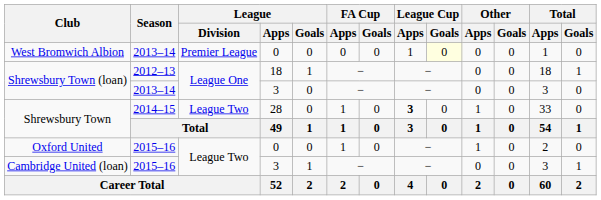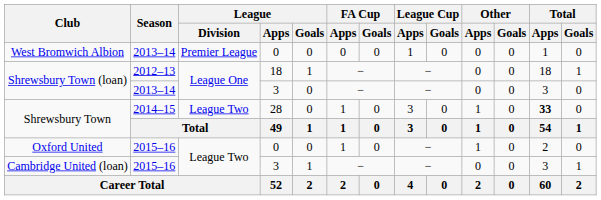 <table class="wikitable" style="text-align: center;">
 <tr>
 <th rowspan="2">Club</th>
 <th rowspan="2">Season</th>
 <th colspan="3">League</th>
 <th colspan="2">FA Cup</th>
 <th colspan="2">League Cup</th>
 <th colspan="2">Other</th>
 <th colspan="2">Total</th>
 </tr>
 <tr>
 <th>Division</th>
 <th>Apps</th>
 <th>Goals</th>
 <th>Apps</th>
 <th>Goals</th>
 <th>Apps</th>
 <th>Goals</th>
 <th>Apps</th>
 <th>Goals</th>
 <th>Apps</th>
 <th>Goals</th>
 </tr>
 <tr>
 <td><a href='#'>West Bromwich Albion</a></td>
 <td><a href='#'>2013–14</a></td>
 <td><a href='#'>Premier League</a></td>
 <td>0</td>
 <td>0</td>
 <td>0</td>
 <td>0</td>
 <td>1</td>
-<td style="background: lightyellow;">0</td>
+<td>0</td>
 <td>0</td>
 <td>0</td>
 <td>1</td>
 <td>0</td>
 </tr>
 <tr>
 <td rowspan="2"><a href='#'>Shrewsbury Town</a> (loan)</td>
 <td><a href='#'>2012–13</a></td>
 <td rowspan="2"><a href='#'>League One</a></td>
 <td>18</td>
 <td>1</td>
 <td colspan="2">−</td>
 <td colspan="2">−</td>
 <td>0</td>
 <td>0</td>
 <td>18</td>
 <td>1</td>
 </tr>
 <tr>
 <td><a href='#'>2013–14</a></td>
 <td>3</td>
 <td>0</td>
 <td colspan="2">−</td>
 <td colspan="2">−</td>
 <td>0</td>
 <td>0</td>
 <td>3</td>
 <td>0</td>
 </tr>
 <tr>
 <td rowspan="2">Shrewsbury Town</td>
 <td><a href='#'>2014–15</a></td>
 <td><a href='#'>League Two</a></td>
 <td>28</td>
 <td>0</td>
 <td>1</td>
 <td>0</td>
-<td><strong>3</strong></td>
+<td>3</td>
 <td>0</td>
 <td>1</td>
 <td>0</td>
-<td>33</td>
+<td><strong>33</strong></td>
 <td>0</td>
 </tr>
 <tr>
 <th colspan="2">Total</th>
 <th>49</th>
 <th>1</th>
 <th>1</th>
 <th>0</th>
 <th>3</th>
 <th>0</th>
 <th>1</th>
 <th>0</th>
 <th>54</th>
 <th>1</th>
 </tr>
 <tr>
 <td><a href='#'>Oxford United</a></td>
 <td><a href='#'>2015–16</a></td>
 <td rowspan="2">League Two</td>
 <td>0</td>
 <td>0</td>
 <td>1</td>
 <td>0</td>
 <td colspan="2">−</td>
 <td>1</td>
 <td>0</td>
 <td>2</td>
 <td>0</td>
 </tr>
 <tr>
 <td><a href='#'>Cambridge United</a> (loan)</td>
 <td><a href='#'>2015–16</a></td>
 <td>3</td>
 <td>1</td>
 <td colspan="2">−</td>
 <td colspan="2">−</td>
 <td>0</td>
 <td>0</td>
 <td>3</td>
 <td>1</td>
 </tr>
 <tr>
 <th colspan="3">Career Total</th>
 <th>52</th>
 <th>2</th>
 <th>2</th>
 <th>0</th>
 <th>4</th>
 <th>0</th>
 <th>2</th>
 <th>0</th>
 <th>60</th>
 <th>2</th>
 </tr>
 </table>
